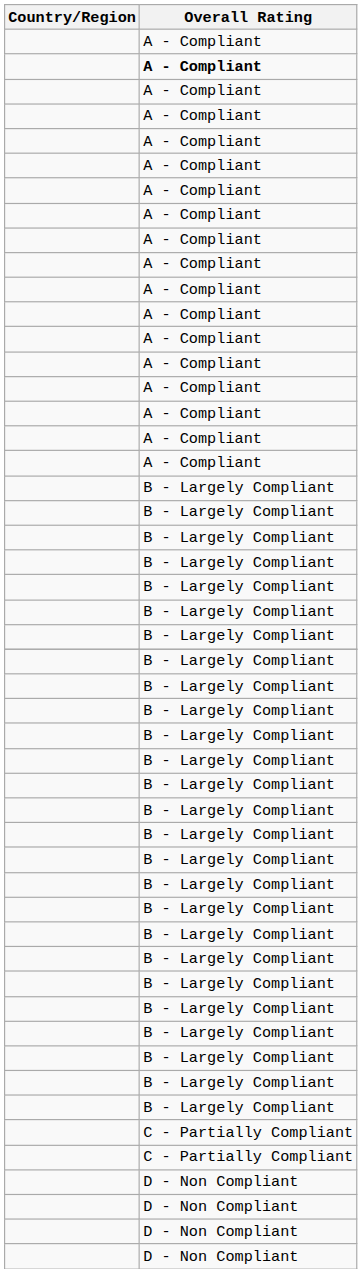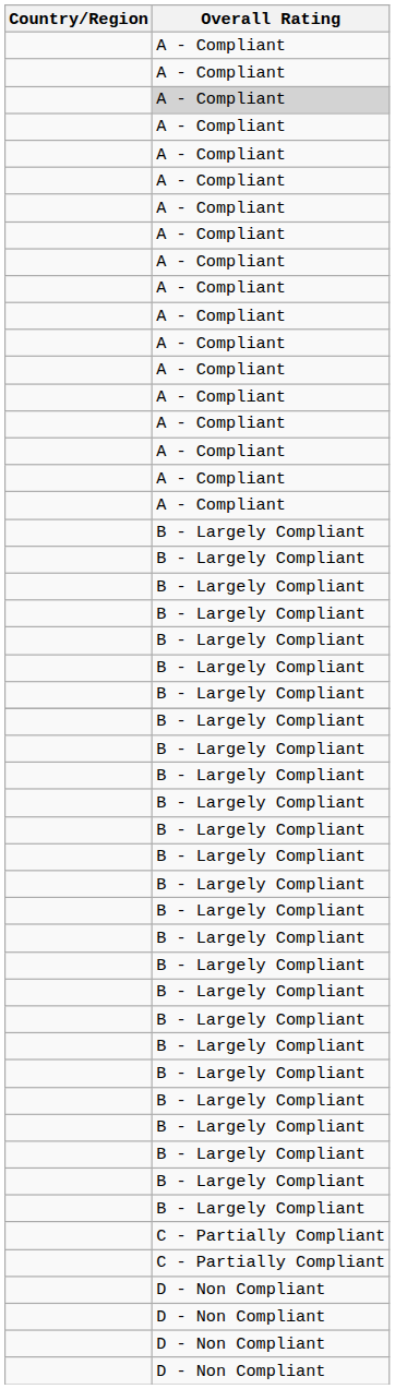 <table class="wikitable sortable">
 <tr>
 <th style="width:2em;">Country/Region</th>
 <th>Overall Rating</th>
 </tr>
 <tr>
 <td></td>
 <td>A - Compliant</td>
 </tr>
 <tr>
 <td></td>
-<td><strong>A - Compliant</strong></td>
+<td>A - Compliant</td>
 </tr>
 <tr>
 <td></td>
-<td>A - Compliant</td>
+<td style="background: lightgrey;">A - Compliant</td>
 </tr>
 <tr>
 <td></td>
 <td>A - Compliant</td>
 </tr>
 <tr>
 <td></td>
 <td>A - Compliant</td>
 </tr>
 <tr>
 <td></td>
 <td>A - Compliant</td>
 </tr>
 <tr>
 <td></td>
 <td>A - Compliant</td>
 </tr>
 <tr>
 <td></td>
 <td>A - Compliant</td>
 </tr>
 <tr>
 <td></td>
 <td>A - Compliant</td>
 </tr>
 <tr>
 <td></td>
 <td>A - Compliant</td>
 </tr>
 <tr>
 <td></td>
 <td>A - Compliant</td>
 </tr>
 <tr>
 <td></td>
 <td>A - Compliant</td>
 </tr>
 <tr>
 <td></td>
 <td>A - Compliant</td>
 </tr>
 <tr>
 <td></td>
 <td>A - Compliant</td>
 </tr>
 <tr>
 <td></td>
 <td>A - Compliant</td>
 </tr>
 <tr>
 <td></td>
 <td>A - Compliant</td>
 </tr>
 <tr>
 <td></td>
 <td>A - Compliant</td>
 </tr>
 <tr>
 <td></td>
 <td>A - Compliant</td>
 </tr>
 <tr>
 <td></td>
 <td>B - Largely Compliant</td>
 </tr>
 <tr>
 <td></td>
 <td>B - Largely Compliant</td>
 </tr>
 <tr>
 <td></td>
 <td>B - Largely Compliant</td>
 </tr>
 <tr>
 <td></td>
 <td>B - Largely Compliant</td>
 </tr>
 <tr>
 <td></td>
 <td>B - Largely Compliant</td>
 </tr>
 <tr>
 <td></td>
 <td>B - Largely Compliant</td>
 </tr>
 <tr>
 <td></td>
 <td>B - Largely Compliant</td>
 </tr>
 <tr>
 </tr>
 <tr>
 </tr>
 <tr>
 <td></td>
 <td>B - Largely Compliant</td>
 </tr>
 <tr>
 <td></td>
 <td>B - Largely Compliant</td>
 </tr>
 <tr>
 <td></td>
 <td>B - Largely Compliant</td>
 </tr>
 <tr>
 <td></td>
 <td>B - Largely Compliant</td>
 </tr>
 <tr>
 <td></td>
 <td>B - Largely Compliant</td>
 </tr>
 <tr>
 <td></td>
 <td>B - Largely Compliant</td>
 </tr>
 <tr>
 <td></td>
 <td>B - Largely Compliant</td>
 </tr>
 <tr>
 <td></td>
 <td>B - Largely Compliant</td>
 </tr>
 <tr>
 <td></td>
 <td>B - Largely Compliant</td>
 </tr>
 <tr>
 <td></td>
 <td>B - Largely Compliant</td>
 </tr>
 <tr>
 <td></td>
 <td>B - Largely Compliant</td>
 </tr>
 <tr>
 <td></td>
 <td>B - Largely Compliant</td>
 </tr>
 <tr>
 <td></td>
 <td>B - Largely Compliant</td>
 </tr>
 <tr>
 <td></td>
 <td>B - Largely Compliant</td>
 </tr>
 <tr>
 <td></td>
 <td>B - Largely Compliant</td>
 </tr>
 <tr>
 <td></td>
 <td>B - Largely Compliant</td>
 </tr>
 <tr>
 <td></td>
 <td>B - Largely Compliant</td>
 </tr>
 <tr>
 <td></td>
 <td>B - Largely Compliant</td>
 </tr>
 <tr>
 <td></td>
 <td>B - Largely Compliant</td>
 </tr>
 <tr>
 <td></td>
 <td>C - Partially Compliant</td>
 </tr>
 <tr>
 <td></td>
 <td>C - Partially Compliant</td>
 </tr>
 <tr>
 <td></td>
 <td>D - Non Compliant</td>
 </tr>
 <tr>
 <td></td>
 <td>D - Non Compliant</td>
 </tr>
 <tr>
 <td></td>
 <td>D - Non Compliant</td>
 </tr>
 <tr>
 <td></td>
 <td>D - Non Compliant</td>
 </tr>
 <tr>
 </tr>
 </table>
